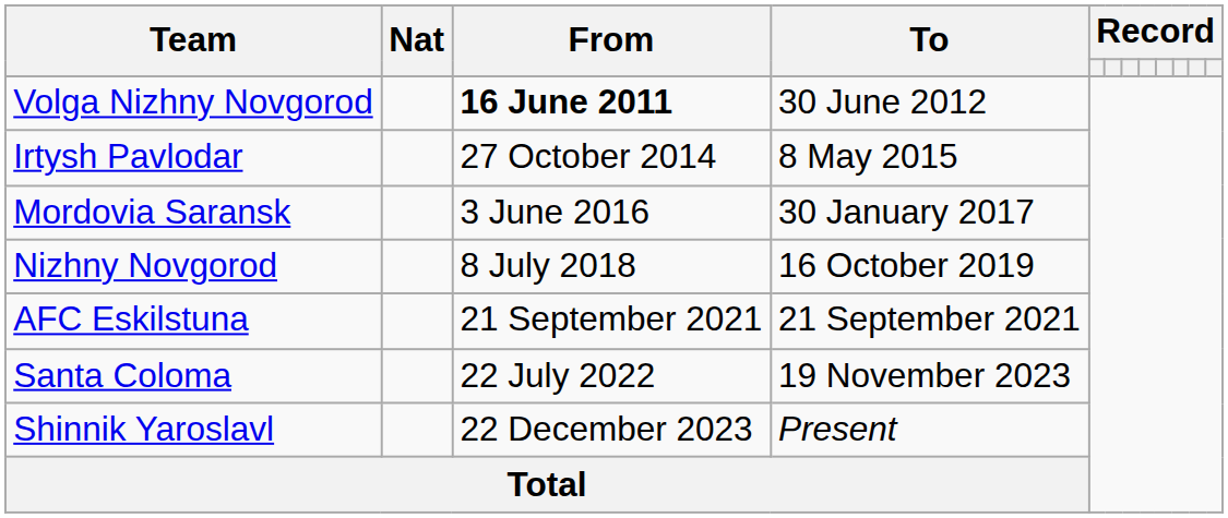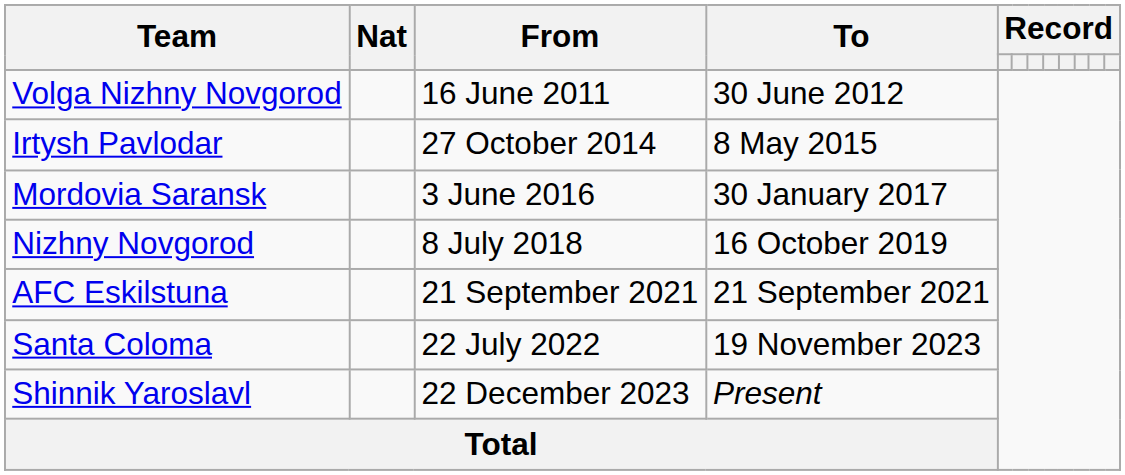 <table class="wikitable" style="text-align: center">
 <tr>
 <th rowspan="2">Team</th>
 <th rowspan="2">Nat</th>
 <th rowspan="2">From</th>
 <th rowspan="2">To</th>
 <th colspan="8">Record</th>
 </tr>
 <tr>
 <th></th>
 <th></th>
 <th></th>
 <th></th>
 <th></th>
 <th></th>
 <th></th>
 <th></th>
 </tr>
 <tr>
 <td align=left><a href='#'>Volga Nizhny Novgorod</a></td>
 <td></td>
-<td align=left><strong>16 June 2011</strong></td>
+<td align=left>16 June 2011</td>
 <td align=left>30 June 2012<br></td>
 </tr>
 <tr>
 <td align=left><a href='#'>Irtysh Pavlodar</a></td>
 <td></td>
 <td align=left>27 October 2014</td>
 <td align=left>8 May 2015<br></td>
 </tr>
 <tr>
 <td align=left><a href='#'>Mordovia Saransk</a></td>
 <td></td>
 <td align=left>3 June 2016</td>
 <td align=left>30 January 2017<br></td>
 </tr>
 <tr>
 <td align=left><a href='#'>Nizhny Novgorod</a></td>
 <td></td>
 <td align=left>8 July 2018</td>
 <td align=left>16 October 2019<br></td>
 </tr>
 <tr>
 <td align=left><a href='#'>AFC Eskilstuna</a></td>
 <td></td>
 <td align=left>21 September 2021</td>
 <td align=left>21 September 2021<br></td>
 </tr>
 <tr>
 <td align=left><a href='#'>Santa Coloma</a></td>
 <td></td>
 <td align=left>22 July 2022</td>
 <td align=left>19 November 2023<br></td>
 </tr>
 <tr>
 <td align=left><a href='#'>Shinnik Yaroslavl</a></td>
 <td></td>
 <td align=left>22 December 2023</td>
 <td align=left><em>Present</em><br></td>
 </tr>
 <tr>
 <th colspan="4">Total<br></th>
 </tr>
 </table>
